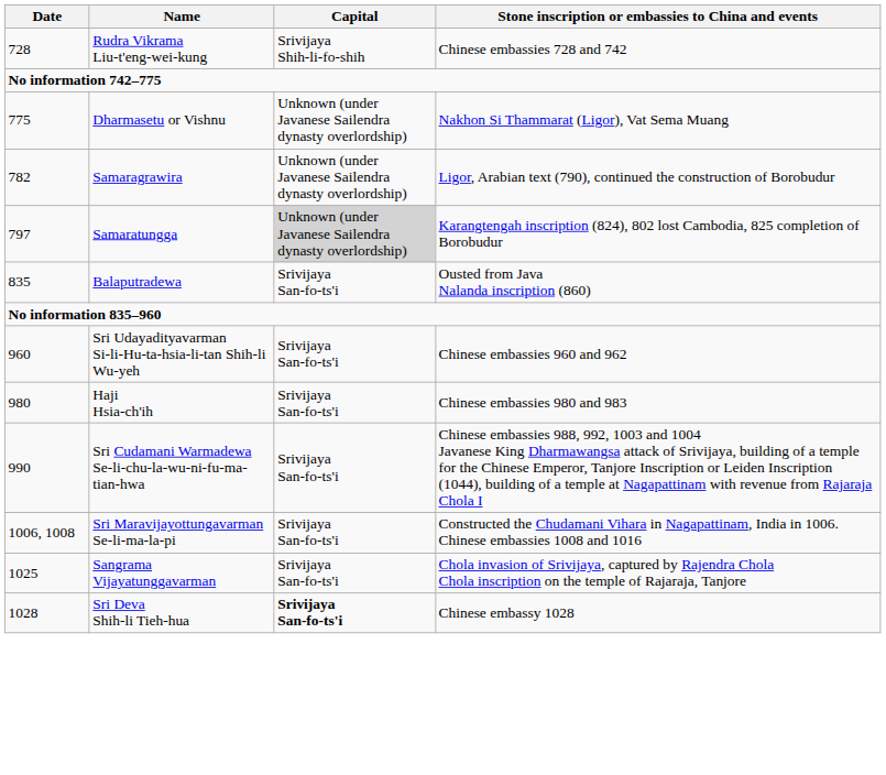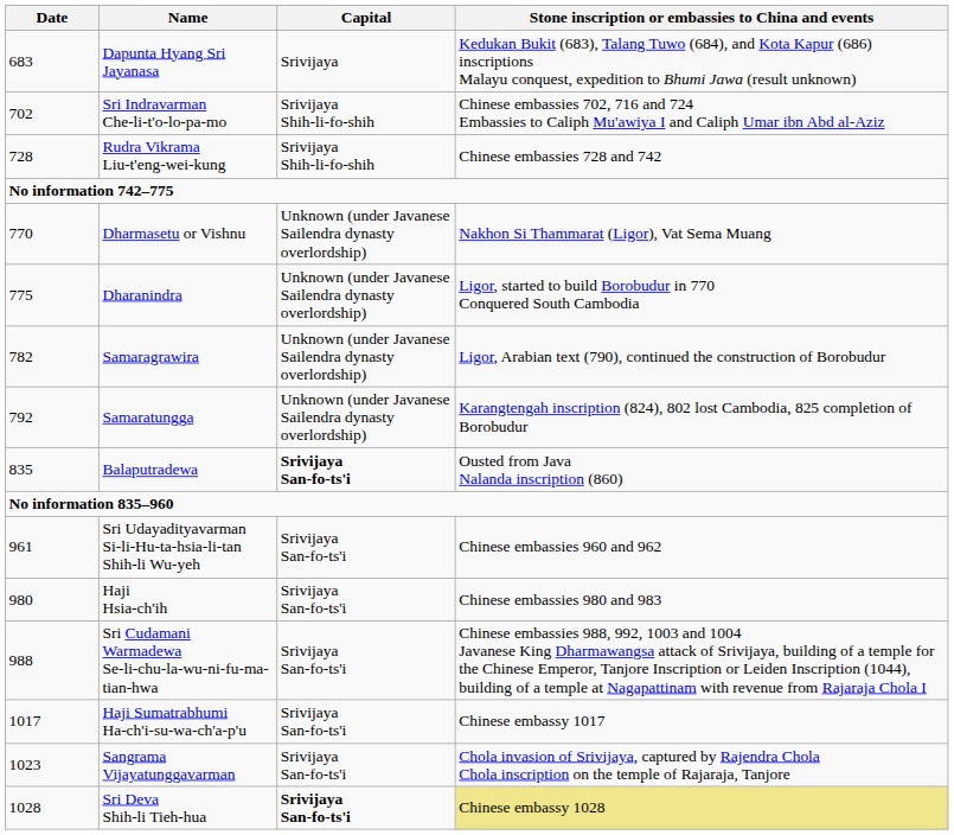 <table class="wikitable sortable" border="1" width="75%">
 <tr>
 <th width="70px">Date</th>
 <th width="140px">Name</th>
 <th width="140px">Capital</th>
 <th width="400px">Stone inscription or embassies to China and events</th>
+</tr>
+<tr>
+<td>683</td>
+<td><a href='#'>Dapunta Hyang Sri Jayanasa</a></td>
+<td>Srivijaya</td>
+<td><a href='#'>Kedukan Bukit</a> (683), <a href='#'>Talang Tuwo</a> (684), and <a href='#'>Kota Kapur</a> (686) inscriptions<br>Malayu conquest, expedition to <em>Bhumi Jawa</em> (result unknown)</td>
+</tr>
+<tr>
+<td>702</td>
+<td><a href='#'>Sri Indravarman</a><br>Che-li-t'o-lo-pa-mo</td>
+<td>Srivijaya<br>Shih-li-fo-shih</td>
+<td>Chinese embassies 702, 716 and 724<br>Embassies to Caliph <a href='#'>Mu'awiya I</a> and Caliph <a href='#'>Umar ibn Abd al-Aziz</a></td>
 </tr>
 <tr>
 <td>728</td>
 <td><a href='#'>Rudra Vikrama</a><br>Liu-t'eng-wei-kung</td>
 <td>Srivijaya<br>Shih-li-fo-shih</td>
 <td>Chinese embassies 728 and 742</td>
 </tr>
 <tr>
 <td colspan="4"><strong>No information 742–775</strong></td>
 </tr>
 <tr>
-<td>775</td>
+<td>770</td>
 <td><a href='#'>Dharmasetu</a> or Vishnu</td>
 <td>Unknown (under Javanese Sailendra dynasty overlordship)</td>
 <td><a href='#'>Nakhon Si Thammarat</a> (<a href='#'>Ligor</a>), Vat Sema Muang</td>
+</tr>
+<tr>
+<td>775</td>
+<td><a href='#'>Dharanindra</a></td>
+<td>Unknown (under Javanese Sailendra dynasty overlordship)</td>
+<td><a href='#'>Ligor</a>, started to build <a href='#'>Borobudur</a> in 770<br>Conquered South Cambodia</td>
 </tr>
 <tr>
 <td>782</td>
 <td><a href='#'>Samaragrawira</a></td>
 <td>Unknown (under Javanese Sailendra dynasty overlordship)</td>
 <td><a href='#'>Ligor</a>, Arabian text (790), continued the construction of Borobudur</td>
 </tr>
 <tr>
-<td>797</td>
+<td>792</td>
 <td><a href='#'>Samaratungga</a></td>
-<td style="background: lightgrey;">Unknown (under Javanese Sailendra dynasty overlordship)</td>
+<td>Unknown (under Javanese Sailendra dynasty overlordship)</td>
 <td><a href='#'>Karangtengah inscription</a> (824), 802 lost Cambodia, 825 completion of Borobudur</td>
 </tr>
 <tr>
 <td>835</td>
 <td><a href='#'>Balaputradewa</a></td>
-<td>Srivijaya<br>San-fo-ts'i</td>
+<td><strong>Srivijaya<br>San-fo-ts'i</strong></td>
 <td>Ousted from Java<br><a href='#'>Nalanda inscription</a> (860)</td>
 </tr>
 <tr>
 <td colspan="4"><strong>No information 835–960</strong></td>
 </tr>
 <tr>
-<td>960</td>
+<td>961</td>
 <td>Sri Udayadityavarman<br>Si-li-Hu-ta-hsia-li-tan Shih-li Wu-yeh</td>
 <td>Srivijaya<br>San-fo-ts'i</td>
 <td>Chinese embassies 960 and 962</td>
 </tr>
 <tr>
 <td>980</td>
 <td>Haji<br>Hsia-ch'ih</td>
 <td>Srivijaya<br>San-fo-ts'i</td>
 <td>Chinese embassies 980 and 983</td>
 </tr>
 <tr>
-<td>990</td>
+<td>988</td>
 <td>Sri <a href='#'>Cudamani Warmadewa</a><br>Se-li-chu-la-wu-ni-fu-ma-tian-hwa</td>
 <td>Srivijaya<br>San-fo-ts'i</td>
 <td>Chinese embassies 988, 992, 1003 and 1004<br>Javanese King <a href='#'>Dharmawangsa</a> attack of Srivijaya, building of a temple for the Chinese Emperor, Tanjore Inscription or Leiden Inscription (1044), building of a temple at <a href='#'>Nagapattinam</a> with revenue from <a href='#'>Rajaraja Chola I</a></td>
 </tr>
 <tr>
-<td>1006, 1008</td>
-<td><a href='#'>Sri Maravijayottungavarman</a><br>Se-li-ma-la-pi</td>
+<td>1017</td>
+<td><a href='#'>Haji Sumatrabhumi</a><br>Ha-ch'i-su-wa-ch'a-p'u</td>
 <td>Srivijaya<br>San-fo-ts'i</td>
-<td>Constructed the <a href='#'>Chudamani Vihara</a> in <a href='#'>Nagapattinam</a>, India in 1006.<br>Chinese embassies 1008 and 1016</td>
+<td>Chinese embassy 1017</td>
 </tr>
 <tr>
-<td>1025</td>
+<td>1023</td>
 <td><a href='#'>Sangrama Vijayatunggavarman</a></td>
 <td>Srivijaya<br>San-fo-ts'i</td>
 <td><a href='#'>Chola invasion of Srivijaya</a>, captured by <a href='#'>Rajendra Chola</a><br><a href='#'>Chola inscription</a> on the temple of Rajaraja, Tanjore</td>
 </tr>
 <tr>
 <td>1028</td>
 <td><a href='#'>Sri Deva</a><br>Shih-li Tieh-hua</td>
 <td><strong>Srivijaya<br>San-fo-ts'i</strong></td>
-<td>Chinese embassy 1028</td>
+<td style="background: khaki;">Chinese embassy 1028</td>
 </tr>
 </table>
